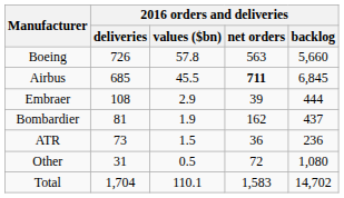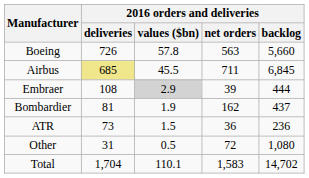 <table class="wikitable sortable" style="text-align: center">
 <tr>
 <th rowspan=2>Manufacturer</th>
 <th colspan=4>2016 orders and deliveries</th>
 </tr>
 <tr>
 <th>deliveries</th>
 <th>values ($bn)</th>
 <th>net orders</th>
 <th>backlog</th>
 </tr>
 <tr>
 <td>Boeing</td>
 <td>726</td>
 <td>57.8</td>
 <td>563</td>
 <td>5,660</td>
 </tr>
 <tr>
 <td>Airbus</td>
-<td>685</td>
+<td style="background: khaki;">685</td>
 <td>45.5</td>
-<td><strong>711</strong></td>
+<td>711</td>
 <td>6,845</td>
 </tr>
 <tr>
 <td>Embraer</td>
 <td>108</td>
-<td>2.9</td>
+<td style="background: lightgrey;">2.9</td>
 <td>39</td>
 <td>444</td>
 </tr>
 <tr>
 <td>Bombardier</td>
 <td>81</td>
 <td>1.9</td>
 <td>162</td>
 <td>437</td>
 </tr>
 <tr>
 <td>ATR</td>
 <td>73</td>
 <td>1.5</td>
 <td>36</td>
 <td>236</td>
 </tr>
 <tr>
 <td>Other</td>
 <td>31</td>
 <td>0.5</td>
 <td>72</td>
 <td>1,080</td>
 </tr>
 <tr>
 <td>Total</td>
 <td>1,704</td>
 <td>110.1</td>
 <td>1,583</td>
 <td>14,702</td>
 </tr>
 </table>
